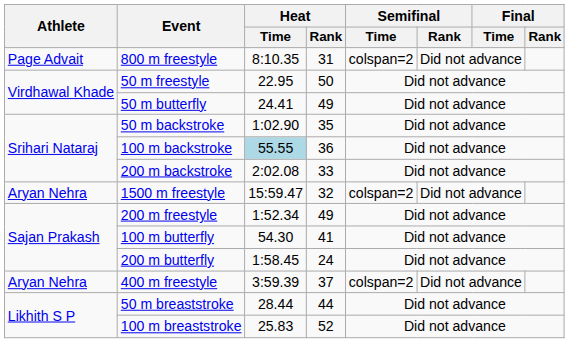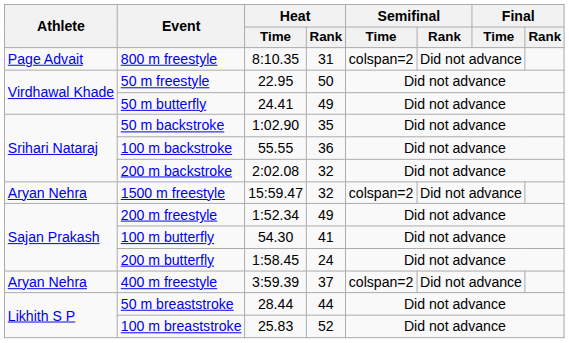 <table class="wikitable" style="text-align:center; font-size:90%">
 <tr>
 <th rowspan="2">Athlete</th>
 <th rowspan="2">Event</th>
 <th colspan="2">Heat</th>
 <th colspan="2">Semifinal</th>
 <th colspan="2">Final</th>
 </tr>
 <tr style="font-size:95%">
 <th>Time</th>
 <th>Rank</th>
 <th>Time</th>
 <th>Rank</th>
 <th>Time</th>
 <th>Rank</th>
 </tr>
 <tr>
 <td align=left><a href='#'>Page Advait</a></td>
 <td align=left><a href='#'>800 m freestyle</a></td>
 <td>8:10.35</td>
 <td>31</td>
 <td>colspan=2 </td>
 <td colspan=2>Did not advance</td>
 </tr>
 <tr>
 <td align=left rowspan=2><a href='#'>Virdhawal Khade</a></td>
 <td align=left><a href='#'>50 m freestyle</a></td>
 <td>22.95</td>
 <td>50</td>
 <td colspan=4>Did not advance</td>
 </tr>
 <tr>
 <td align=left><a href='#'>50 m butterfly</a></td>
 <td>24.41</td>
 <td>49</td>
 <td colspan=4>Did not advance</td>
 </tr>
 <tr>
 <td align=left rowspan=3><a href='#'>Srihari Nataraj</a></td>
 <td align=left><a href='#'>50 m backstroke</a></td>
 <td>1:02.90</td>
 <td>35</td>
 <td colspan=4>Did not advance</td>
 </tr>
 <tr>
 <td align=left><a href='#'>100 m backstroke</a></td>
-<td style="background: lightblue;">55.55</td>
+<td>55.55</td>
 <td>36</td>
 <td colspan=4>Did not advance</td>
 </tr>
 <tr>
 <td align=left><a href='#'>200 m backstroke</a></td>
 <td>2:02.08</td>
-<td>33</td>
+<td>32</td>
 <td colspan=4>Did not advance</td>
 </tr>
 <tr>
 <td align=left><a href='#'>Aryan Nehra</a></td>
 <td align=left><a href='#'>1500 m freestyle</a></td>
 <td>15:59.47</td>
 <td>32</td>
 <td>colspan=2 </td>
 <td colspan=2>Did not advance</td>
 </tr>
 <tr>
 <td align=left rowspan=3><a href='#'>Sajan Prakash</a></td>
 <td align=left><a href='#'>200 m freestyle</a></td>
 <td>1:52.34</td>
 <td>49</td>
 <td colspan=4>Did not advance</td>
 </tr>
 <tr>
 <td align=left><a href='#'>100 m butterfly</a></td>
 <td>54.30</td>
 <td>41</td>
 <td colspan=4>Did not advance</td>
 </tr>
 <tr>
 <td align=left><a href='#'>200 m butterfly</a></td>
 <td>1:58.45</td>
 <td>24</td>
 <td colspan=4>Did not advance</td>
 </tr>
 <tr>
 <td align=left><a href='#'>Aryan Nehra</a></td>
 <td align=left><a href='#'>400 m freestyle</a></td>
 <td>3:59.39</td>
 <td>37</td>
 <td>colspan=2 </td>
 <td colspan=2>Did not advance</td>
 </tr>
 <tr>
 <td align=left rowspan=2><a href='#'>Likhith S P</a></td>
 <td align=left><a href='#'>50 m breaststroke</a></td>
 <td>28.44</td>
 <td>44</td>
 <td colspan=4>Did not advance</td>
 </tr>
 <tr>
 <td align=left><a href='#'>100 m breaststroke</a></td>
 <td>25.83</td>
 <td>52</td>
 <td colspan=4>Did not advance</td>
 </tr>
 </table>
